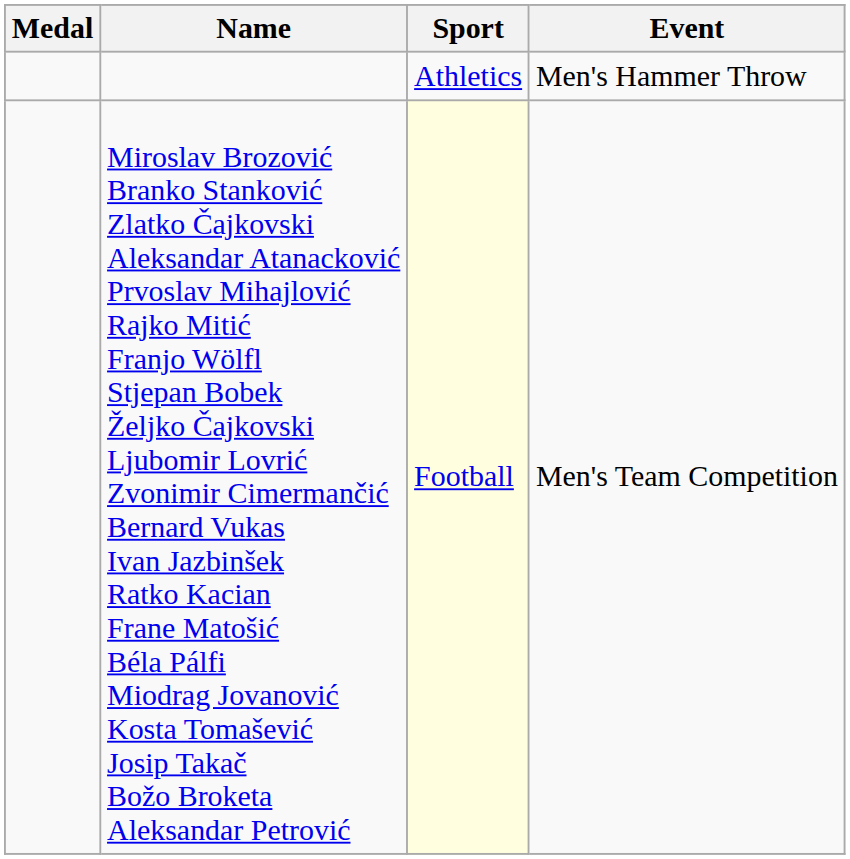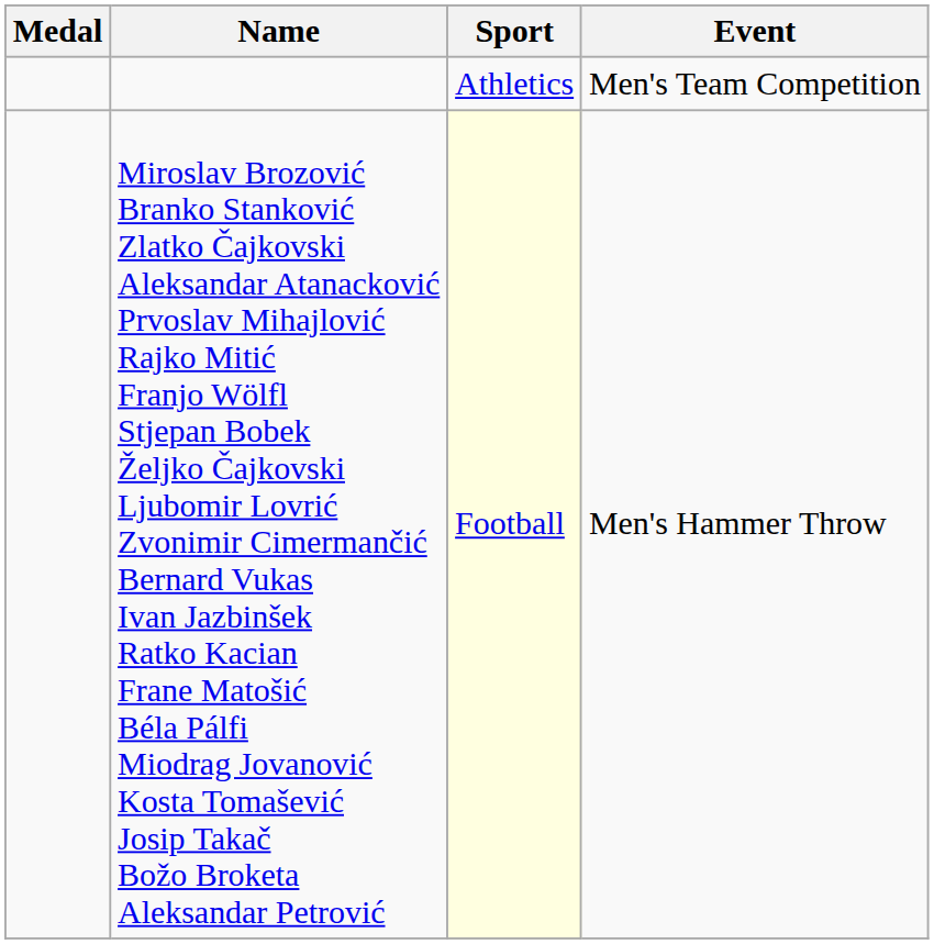 <table class="wikitable sortable">
 <tr>
 <th>Medal</th>
 <th>Name</th>
 <th>Sport</th>
 <th>Event</th>
 </tr>
 <tr>
 <td></td>
 <td></td>
 <td><a href='#'>Athletics</a></td>
-<td>Men's Hammer Throw</td>
+<td>Men's Team Competition</td>
 </tr>
 <tr>
 <td></td>
 <td> <br><a href='#'>Miroslav Brozović</a> <br><a href='#'>Branko Stanković</a> <br><a href='#'>Zlatko Čajkovski</a> <br><a href='#'>Aleksandar Atanacković</a> <br><a href='#'>Prvoslav Mihajlović</a> <br><a href='#'>Rajko Mitić</a> <br><a href='#'>Franjo Wölfl</a> <br><a href='#'>Stjepan Bobek</a> <br><a href='#'>Željko Čajkovski</a> <br><a href='#'>Ljubomir Lovrić</a> <br><a href='#'>Zvonimir Cimermančić</a> <br><a href='#'>Bernard Vukas</a> <br><a href='#'>Ivan Jazbinšek</a> <br><a href='#'>Ratko Kacian</a> <br><a href='#'>Frane Matošić</a> <br><a href='#'>Béla Pálfi</a> <br><a href='#'>Miodrag Jovanović</a> <br><a href='#'>Kosta Tomašević</a> <br><a href='#'>Josip Takač</a> <br><a href='#'>Božo Broketa</a> <br><a href='#'>Aleksandar Petrović</a></td>
 <td style="background: lightyellow;"><a href='#'>Football</a></td>
-<td>Men's Team Competition</td>
+<td>Men's Hammer Throw</td>
 </tr>
 </table>
